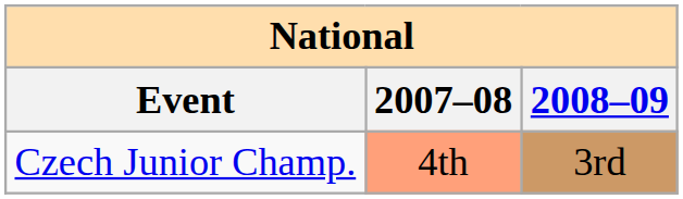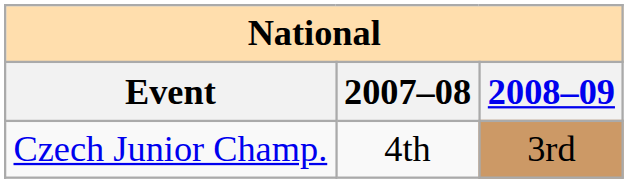 <table class="wikitable" style="text-align:center">
 <tr>
 <th style="background-color: #ffdead; " colspan=3 align=center>National</th>
 </tr>
 <tr>
 <th>Event</th>
 <th>2007–08</th>
 <th><a href='#'>2008–09</a></th>
 </tr>
 <tr>
 <td align=left><a href='#'>Czech Junior Champ.</a></td>
-<td style="background: lightsalmon;">4th</td>
+<td>4th</td>
 <td bgcolor=cc9966>3rd</td>
 </tr>
 </table>
